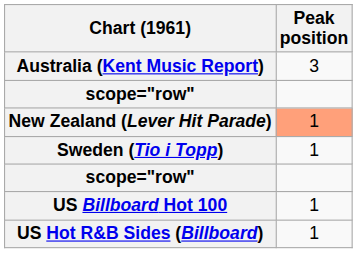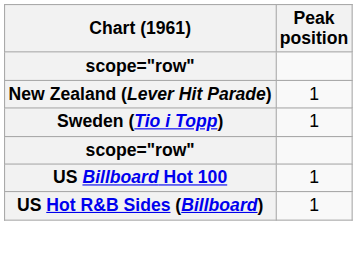 <table class="wikitable sortable plainrowheaders" style="text-align:center;">
 <tr>
 <th scope="col">Chart (1961)</th>
 <th scope="col">Peak<br>position</th>
 </tr>
 <tr>
-<th scope="row">Australia (<a href='#'>Kent Music Report</a>)</th>
-<td>3</td>
-</tr>
-<tr>
 <th>scope="row" </th>
 </tr>
 <tr>
 <th scope="row">New Zealand (<em>Lever Hit Parade</em>)</th>
-<td style="background: lightsalmon; text-align:center;">1</td>
+<td style="text-align:center;">1</td>
 </tr>
 <tr>
 <th scope="row">Sweden (<em><a href='#'>Tio i Topp</a></em>)</th>
 <td style="text-align:center;">1</td>
 </tr>
 <tr>
 <th>scope="row" </th>
 </tr>
 <tr>
 <th scope="row">US <a href='#'><em>Billboard</em> Hot 100</a></th>
 <td>1</td>
 </tr>
 <tr>
 <th scope="row">US <a href='#'>Hot R&B Sides</a> (<a href='#'><em>Billboard</em></a>)</th>
 <td>1</td>
 </tr>
 </table>
